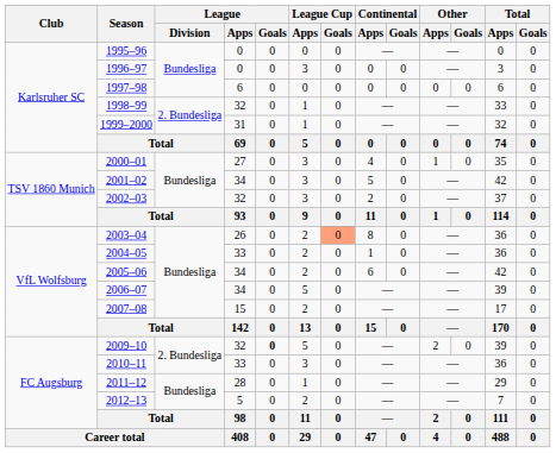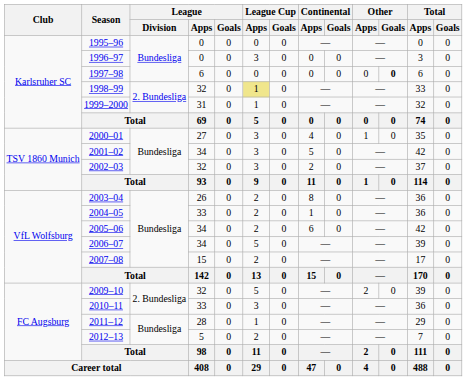 <table class=wikitable style="text-align: center;">
 <tr>
 <th rowspan=2>Club</th>
 <th rowspan=2>Season</th>
 <th colspan=3>League</th>
 <th colspan=2>League Cup</th>
 <th colspan=2>Continental</th>
 <th colspan=2>Other</th>
 <th colspan=2>Total</th>
 </tr>
 <tr>
 <th>Division</th>
 <th>Apps</th>
 <th>Goals</th>
 <th>Apps</th>
 <th>Goals</th>
 <th>Apps</th>
 <th>Goals</th>
 <th>Apps</th>
 <th>Goals</th>
 <th>Apps</th>
 <th>Goals</th>
 </tr>
 <tr>
 <td rowspan=6><a href='#'>Karlsruher SC</a></td>
 <td><a href='#'>1995–96</a></td>
 <td rowspan=3><a href='#'>Bundesliga</a></td>
 <td>0</td>
 <td>0</td>
 <td>0</td>
 <td>0</td>
 <td colspan=2>—</td>
 <td colspan=2>—</td>
 <td>0</td>
 <td>0</td>
 </tr>
 <tr>
 <td><a href='#'>1996–97</a></td>
 <td>0</td>
 <td>0</td>
 <td>3</td>
 <td>0</td>
 <td>0</td>
 <td>0</td>
 <td colspan=2>—</td>
 <td>3</td>
 <td>0</td>
 </tr>
 <tr>
 <td><a href='#'>1997–98</a></td>
 <td>6</td>
 <td>0</td>
 <td>0</td>
 <td>0</td>
 <td>0</td>
 <td>0</td>
 <td>0</td>
-<td>0</td>
+<td><strong>0</strong></td>
 <td>6</td>
 <td>0</td>
 </tr>
 <tr>
 <td><a href='#'>1998–99</a></td>
 <td rowspan=2><a href='#'>2. Bundesliga</a></td>
 <td>32</td>
 <td>0</td>
-<td>1</td>
+<td style="background: khaki;">1</td>
 <td>0</td>
 <td colspan=2>—</td>
 <td colspan=2>—</td>
 <td>33</td>
 <td>0</td>
 </tr>
 <tr>
 <td><a href='#'>1999–2000</a></td>
 <td>31</td>
 <td>0</td>
 <td>1</td>
 <td>0</td>
 <td colspan=2>—</td>
 <td colspan=2>—</td>
 <td>32</td>
 <td>0</td>
 </tr>
 <tr>
 <th colspan=2>Total</th>
 <th>69</th>
 <th>0</th>
 <th>5</th>
 <th>0</th>
 <th>0</th>
 <th>0</th>
 <th>0</th>
 <th>0</th>
 <th>74</th>
 <th>0</th>
 </tr>
 <tr>
 <td rowspan=4><a href='#'>TSV 1860 Munich</a></td>
 <td><a href='#'>2000–01</a></td>
 <td rowspan=3>Bundesliga</td>
 <td>27</td>
 <td>0</td>
 <td>3</td>
 <td>0</td>
 <td>4</td>
 <td>0</td>
 <td>1</td>
 <td>0</td>
 <td>35</td>
 <td>0</td>
 </tr>
 <tr>
 <td><a href='#'>2001–02</a></td>
 <td>34</td>
 <td>0</td>
 <td>3</td>
 <td>0</td>
 <td>5</td>
 <td>0</td>
 <td colspan=2>—</td>
 <td>42</td>
 <td>0</td>
 </tr>
 <tr>
 <td><a href='#'>2002–03</a></td>
 <td>32</td>
 <td>0</td>
 <td>3</td>
 <td>0</td>
 <td>2</td>
 <td>0</td>
 <td colspan=2>—</td>
 <td>37</td>
 <td>0</td>
 </tr>
 <tr>
 <th colspan=2>Total</th>
 <th>93</th>
 <th>0</th>
 <th>9</th>
 <th>0</th>
 <th>11</th>
 <th>0</th>
 <th>1</th>
 <th>0</th>
 <th>114</th>
 <th>0</th>
 </tr>
 <tr>
 <td rowspan=6><a href='#'>VfL Wolfsburg</a></td>
 <td><a href='#'>2003–04</a></td>
 <td rowspan=5>Bundesliga</td>
 <td>26</td>
 <td>0</td>
 <td>2</td>
-<td style="background: lightsalmon;">0</td>
+<td>0</td>
 <td>8</td>
 <td>0</td>
 <td colspan=2>—</td>
 <td>36</td>
 <td>0</td>
 </tr>
 <tr>
 <td><a href='#'>2004–05</a></td>
 <td>33</td>
 <td>0</td>
 <td>2</td>
 <td>0</td>
 <td>1</td>
 <td>0</td>
 <td colspan=2>—</td>
 <td>36</td>
 <td>0</td>
 </tr>
 <tr>
 <td><a href='#'>2005–06</a></td>
 <td>34</td>
 <td>0</td>
 <td>2</td>
 <td>0</td>
 <td>6</td>
 <td>0</td>
 <td colspan=2>—</td>
 <td>42</td>
 <td>0</td>
 </tr>
 <tr>
 <td><a href='#'>2006–07</a></td>
 <td>34</td>
 <td>0</td>
 <td>5</td>
 <td>0</td>
 <td colspan=2>—</td>
 <td colspan=2>—</td>
 <td>39</td>
 <td>0</td>
 </tr>
 <tr>
 <td><a href='#'>2007–08</a></td>
 <td>15</td>
 <td>0</td>
 <td>2</td>
 <td>0</td>
 <td colspan=2>—</td>
 <td colspan=2>—</td>
 <td>17</td>
 <td>0</td>
 </tr>
 <tr>
 <th colspan=2>Total</th>
 <th>142</th>
 <th>0</th>
 <th>13</th>
 <th>0</th>
 <th>15</th>
 <th>0</th>
 <th colspan=2>—</th>
 <th>170</th>
 <th>0</th>
 </tr>
 <tr>
 <td rowspan=5><a href='#'>FC Augsburg</a></td>
 <td><a href='#'>2009–10</a></td>
 <td rowspan=2>2. Bundesliga</td>
 <td>32</td>
-<td><strong>0</strong></td>
+<td>0</td>
 <td>5</td>
 <td>0</td>
 <td colspan=2>—</td>
 <td>2</td>
 <td>0</td>
 <td>39</td>
 <td>0</td>
 </tr>
 <tr>
 <td><a href='#'>2010–11</a></td>
 <td>33</td>
 <td>0</td>
 <td>3</td>
 <td>0</td>
 <td colspan=2>—</td>
 <td colspan=2>—</td>
 <td>36</td>
 <td>0</td>
 </tr>
 <tr>
 <td><a href='#'>2011–12</a></td>
 <td rowspan=2>Bundesliga</td>
 <td>28</td>
 <td>0</td>
 <td>1</td>
 <td>0</td>
 <td colspan=2>—</td>
 <td colspan=2>—</td>
 <td>29</td>
 <td>0</td>
 </tr>
 <tr>
 <td><a href='#'>2012–13</a></td>
 <td>5</td>
 <td>0</td>
 <td>2</td>
 <td>0</td>
 <td colspan=2>—</td>
 <td colspan=2>—</td>
 <td>7</td>
 <td>0</td>
 </tr>
 <tr>
 <th colspan=2>Total</th>
 <th>98</th>
 <th>0</th>
 <th>11</th>
 <th>0</th>
 <th colspan=2>—</th>
 <th>2</th>
 <th>0</th>
 <th>111</th>
 <th>0</th>
 </tr>
 <tr>
 <th colspan=3>Career total</th>
 <th>408</th>
 <th>0</th>
 <th>29</th>
 <th>0</th>
 <th>47</th>
 <th>0</th>
 <th>4</th>
 <th>0</th>
 <th>488</th>
 <th>0</th>
 </tr>
 </table>
